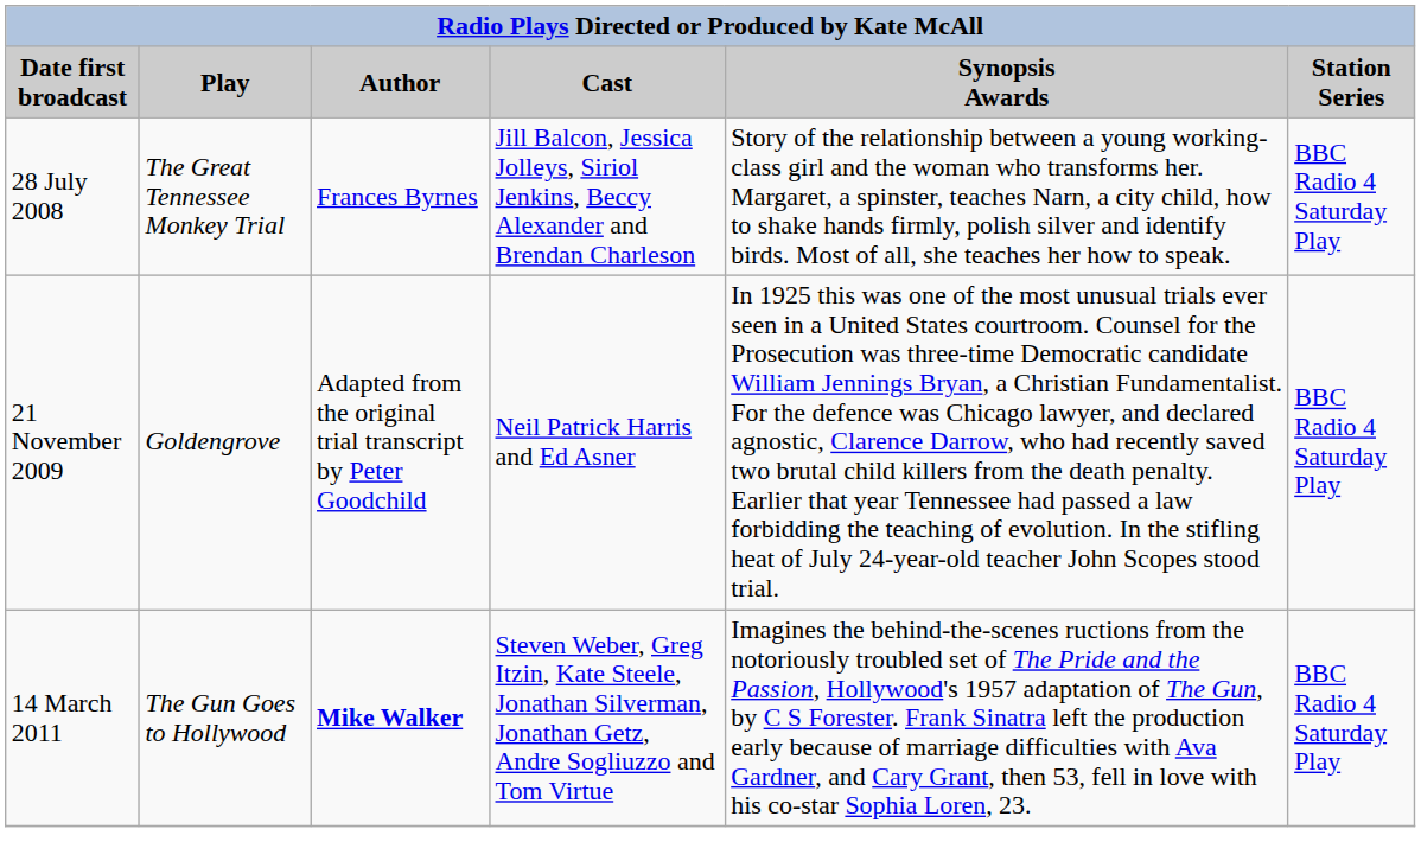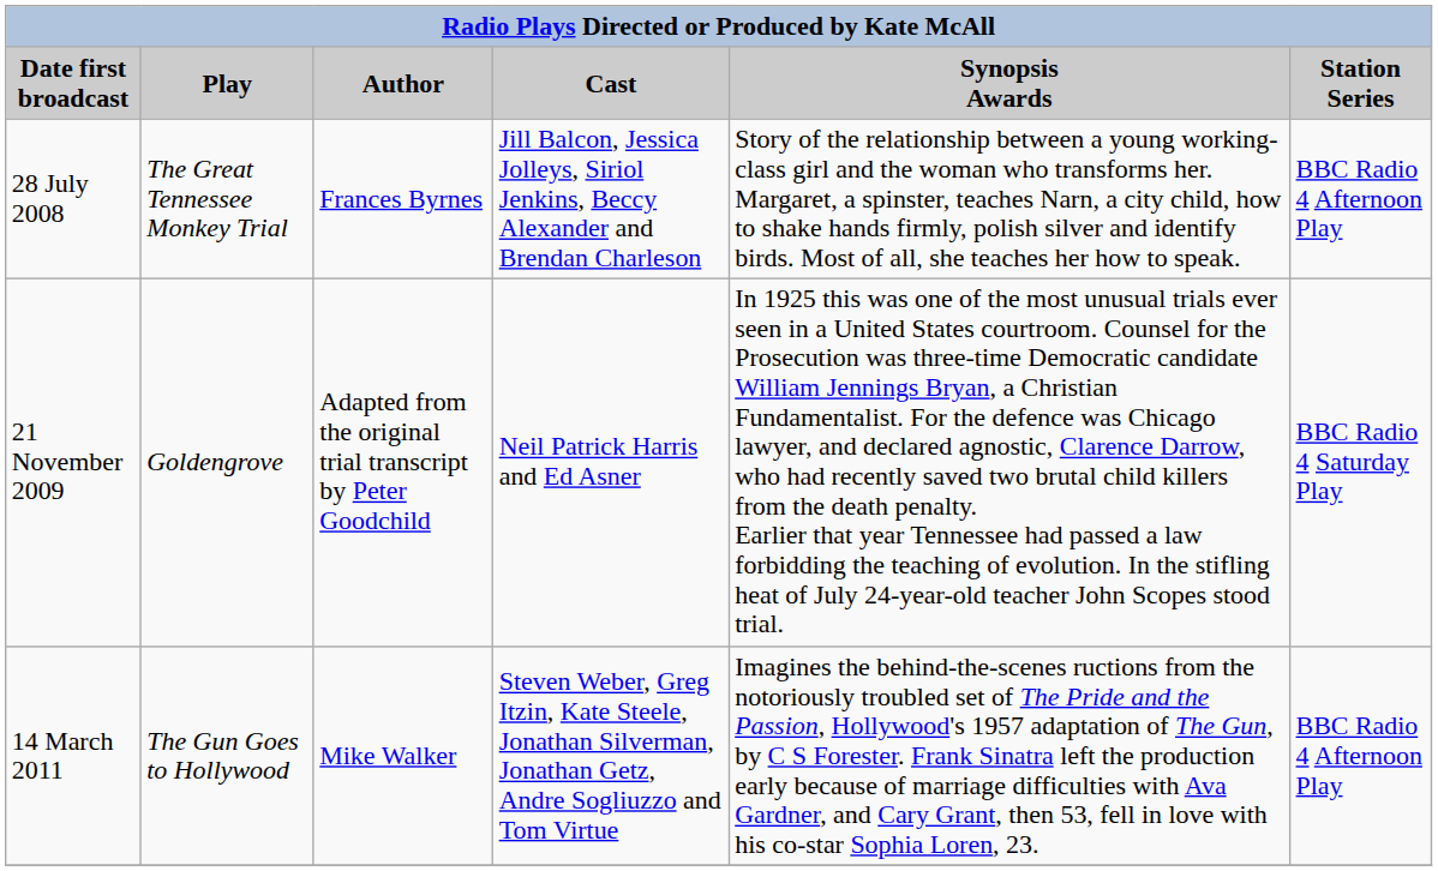 <table class="wikitable">
 <tr>
 <th colspan=6 style="background:#B0C4DE;"><a href='#'>Radio Plays</a> Directed or Produced by Kate McAll</th>
 </tr>
 <tr align="center">
 <th style="background: #CCCCCC;">Date first broadcast</th>
 <th style="background: #CCCCCC;">Play</th>
 <th style="background: #CCCCCC;">Author</th>
 <th style="background: #CCCCCC;">Cast</th>
 <th style="background: #CCCCCC;">Synopsis<br>Awards</th>
 <th style="background: #CCCCCC;">Station<br>Series<br></th>
 </tr>
 <tr id="Goldengrove">
 <td>28 July 2008</td>
 <td><em>The Great Tennessee Monkey Trial</em></td>
 <td><a href='#'>Frances Byrnes</a></td>
 <td><a href='#'>Jill Balcon</a>, <a href='#'>Jessica Jolleys</a>, <a href='#'>Siriol Jenkins</a>, <a href='#'>Beccy Alexander</a> and <a href='#'>Brendan Charleson</a></td>
 <td>Story of the relationship between a young working-class girl and the woman who transforms her. Margaret, a spinster, teaches Narn, a city child, how to shake hands firmly, polish silver and identify birds. Most of all, she teaches her how to speak.</td>
-<td><a href='#'>BBC Radio 4</a> <a href='#'>Saturday Play</a></td>
+<td><a href='#'>BBC Radio 4</a> <a href='#'>Afternoon Play</a></td>
 </tr>
 <tr id="The Great Tennessee Monkey Trial">
 <td>21 November 2009</td>
 <td><em>Goldengrove</em></td>
 <td>Adapted from the original trial transcript by <a href='#'>Peter Goodchild</a></td>
 <td><a href='#'>Neil Patrick Harris</a> and <a href='#'>Ed Asner</a></td>
 <td>In 1925 this was one of the most unusual trials ever seen in a United States courtroom. Counsel for the Prosecution was three-time Democratic candidate <a href='#'>William Jennings Bryan</a>, a Christian Fundamentalist. For the defence was Chicago lawyer, and declared agnostic, <a href='#'>Clarence Darrow</a>, who had recently saved two brutal child killers from the death penalty.<br>Earlier that year Tennessee had passed a law forbidding the teaching of evolution. In the stifling heat of July 24-year-old teacher John Scopes stood trial.</td>
 <td><a href='#'>BBC Radio 4</a> <a href='#'>Saturday Play</a></td>
 </tr>
 <tr id="The Gun Goes to Hollywood">
 <td>14 March 2011</td>
 <td><em>The Gun Goes to Hollywood</em></td>
-<td><strong><a href='#'>Mike Walker</a></strong></td>
+<td><a href='#'>Mike Walker</a></td>
 <td><a href='#'>Steven Weber</a>, <a href='#'>Greg Itzin</a>, <a href='#'>Kate Steele</a>, <a href='#'>Jonathan Silverman</a>, <a href='#'>Jonathan Getz</a>, <a href='#'>Andre Sogliuzzo</a> and <a href='#'>Tom Virtue</a></td>
 <td>Imagines the behind-the-scenes ructions from the notoriously troubled set of <em><a href='#'>The Pride and the Passion</a></em>, <a href='#'>Hollywood</a>'s 1957 adaptation of <em><a href='#'>The Gun</a></em>, by <a href='#'>C S Forester</a>. <a href='#'>Frank Sinatra</a> left the production early because of marriage difficulties with <a href='#'>Ava Gardner</a>, and <a href='#'>Cary Grant</a>, then 53, fell in love with his co-star <a href='#'>Sophia Loren</a>, 23.</td>
-<td><a href='#'>BBC Radio 4</a> <a href='#'>Saturday Play</a></td>
+<td><a href='#'>BBC Radio 4</a> <a href='#'>Afternoon Play</a><br></td>
 </tr>
 <tr>
 </tr>
 </table>
